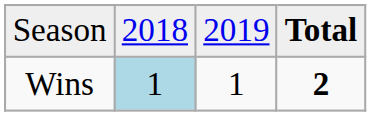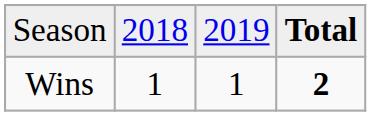 <table class="wikitable">
 <tr bgcolor=efefef>
 <td>Season</td>
 <td><a href='#'>2018</a></td>
 <td><a href='#'>2019</a></td>
 <td><strong>Total</strong></td>
 </tr>
 <tr align=center>
 <td>Wins</td>
-<td style="background: lightblue;">1</td>
+<td>1</td>
 <td>1</td>
 <td><strong>2</strong></td>
 </tr>
 </table>
